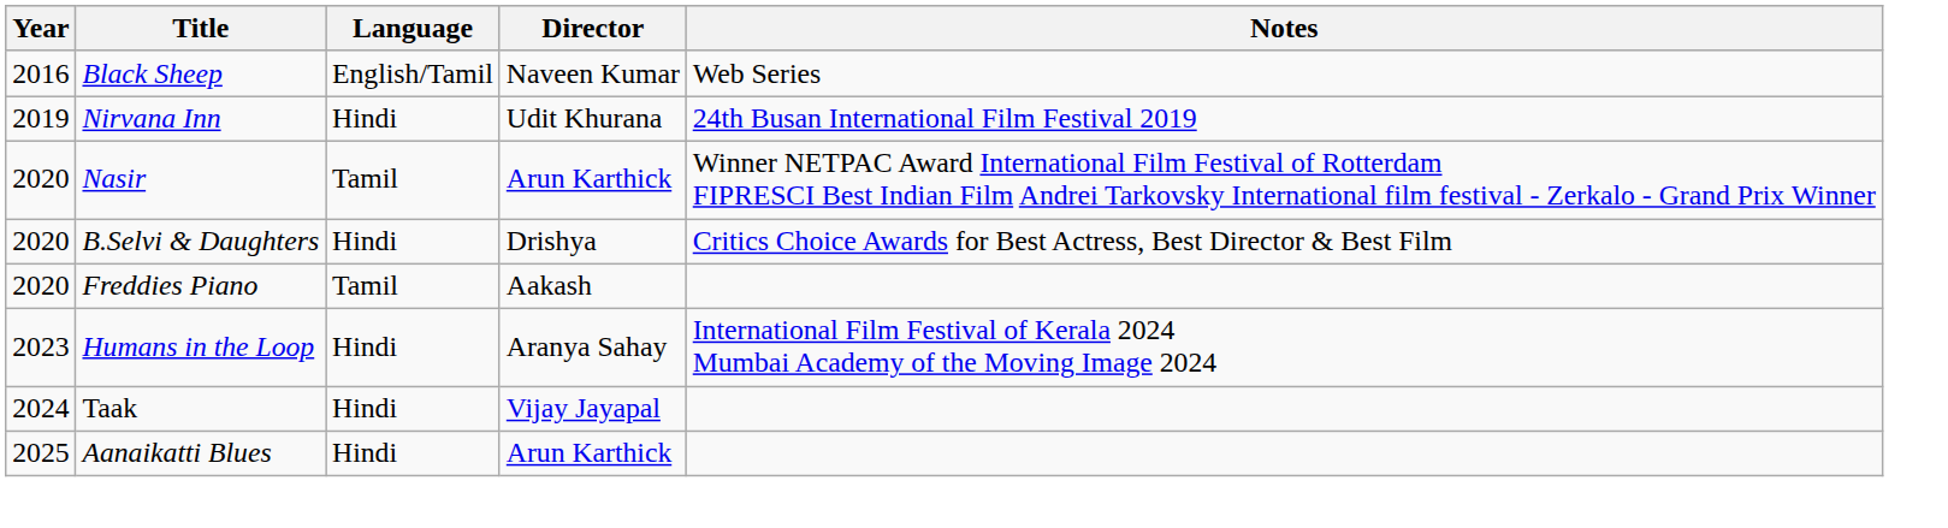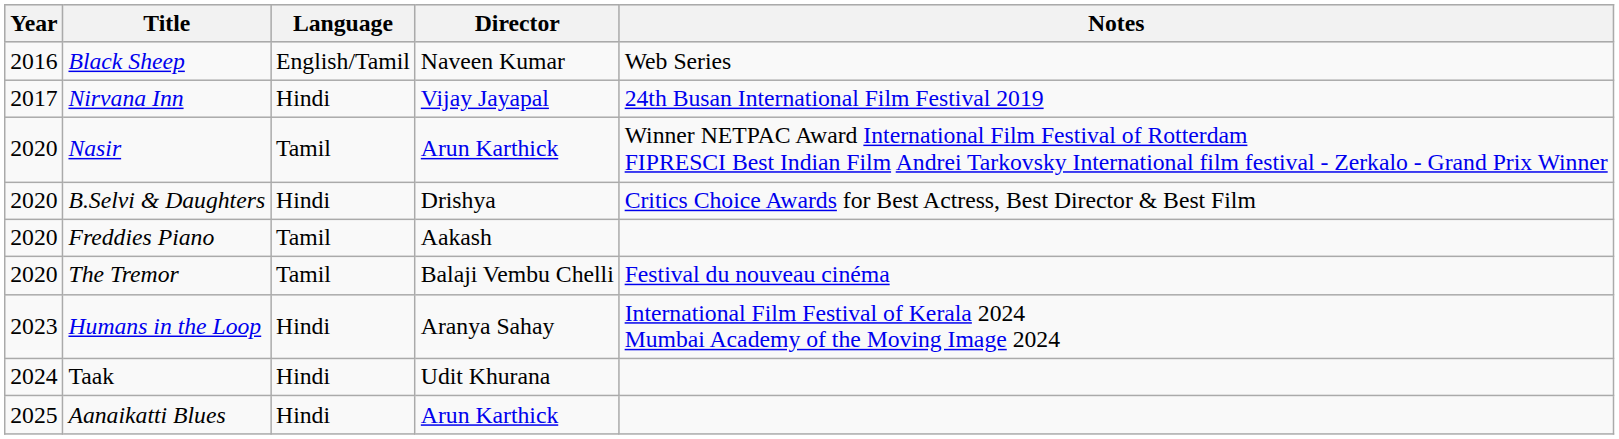 <table class="wikitable">
 <tr style="background:#ccc; text-align:center;">
 <th>Year</th>
 <th>Title</th>
 <th>Language</th>
 <th>Director</th>
 <th>Notes</th>
 </tr>
 <tr>
 <td>2016</td>
 <td><em><a href='#'>Black Sheep</a></em></td>
 <td>English/Tamil</td>
 <td>Naveen Kumar</td>
 <td>Web Series</td>
 </tr>
 <tr>
-<td>2019</td>
+<td>2017</td>
 <td><em><a href='#'>Nirvana Inn</a></em></td>
 <td>Hindi</td>
-<td>Udit Khurana</td>
+<td><a href='#'>Vijay Jayapal</a></td>
 <td><a href='#'>24th Busan International Film Festival 2019</a></td>
 </tr>
 <tr>
 <td>2020</td>
 <td><em><a href='#'>Nasir</a></em></td>
 <td>Tamil</td>
 <td><a href='#'>Arun Karthick</a></td>
 <td>Winner NETPAC Award <a href='#'>International Film Festival of Rotterdam</a><br><a href='#'>FIPRESCI Best Indian Film</a> <a href='#'>Andrei Tarkovsky International film festival - Zerkalo - Grand Prix Winner</a></td>
 </tr>
 <tr>
 <td>2020</td>
 <td><em>B.Selvi & Daughters</em></td>
 <td>Hindi</td>
 <td>Drishya</td>
 <td><a href='#'>Critics Choice Awards</a> for Best Actress, Best Director & Best Film</td>
 </tr>
 <tr>
 <td>2020</td>
 <td><em>Freddies Piano</em></td>
 <td>Tamil</td>
 <td>Aakash</td>
 <td></td>
 </tr>
 <tr>
+<td>2020</td>
+<td><em>The Tremor</em></td>
+<td>Tamil</td>
+<td>Balaji Vembu Chelli</td>
+<td><a href='#'>Festival du nouveau cinéma</a></td>
+</tr>
+<tr>
 <td>2023</td>
 <td><em><a href='#'>Humans in the Loop</a></em></td>
 <td>Hindi</td>
 <td>Aranya Sahay</td>
 <td><a href='#'>International Film Festival of Kerala</a> 2024<br><a href='#'>Mumbai Academy of the Moving Image</a> 2024</td>
 </tr>
 <tr>
 <td>2024</td>
 <td>Taak</td>
 <td>Hindi</td>
-<td><a href='#'>Vijay Jayapal</a></td>
+<td>Udit Khurana</td>
 <td></td>
 </tr>
 <tr>
 <td>2025</td>
 <td><em>Aanaikatti Blues</em></td>
 <td>Hindi</td>
 <td><a href='#'>Arun Karthick</a></td>
 <td></td>
 </tr>
 </table>
